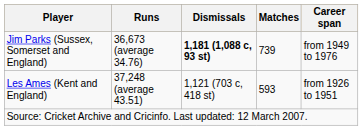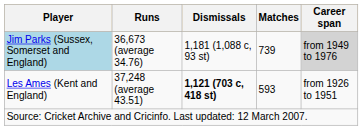 <table class="wikitable" style="width:90%;">
 <tr style="background:#fc6;">
 <th>Player</th>
 <th>Runs</th>
 <th>Dismissals</th>
 <th>Matches</th>
 <th>Career span</th>
 </tr>
 <tr>
-<td><a href='#'>Jim Parks</a> (Sussex, Somerset and England)</td>
+<td style="background: lightblue;"><a href='#'>Jim Parks</a> (Sussex, Somerset and England)</td>
 <td>36,673 (average 34.76)</td>
-<td><strong>1,181 (1,088 c, 93 st)</strong></td>
+<td>1,181 (1,088 c, 93 st)</td>
 <td>739</td>
-<td>from 1949 to 1976</td>
+<td style="background: lightgrey;">from 1949 to 1976</td>
 </tr>
 <tr>
 <td><a href='#'>Les Ames</a> (Kent and England)</td>
 <td>37,248 (average 43.51)</td>
-<td>1,121 (703 c, 418 st)</td>
+<td><strong>1,121 (703 c, 418 st)</strong></td>
 <td>593</td>
 <td>from 1926 to 1951</td>
 </tr>
 <tr>
 <td colspan="5">Source: Cricket Archive and Cricinfo. Last updated: 12 March 2007.</td>
 </tr>
 </table>
